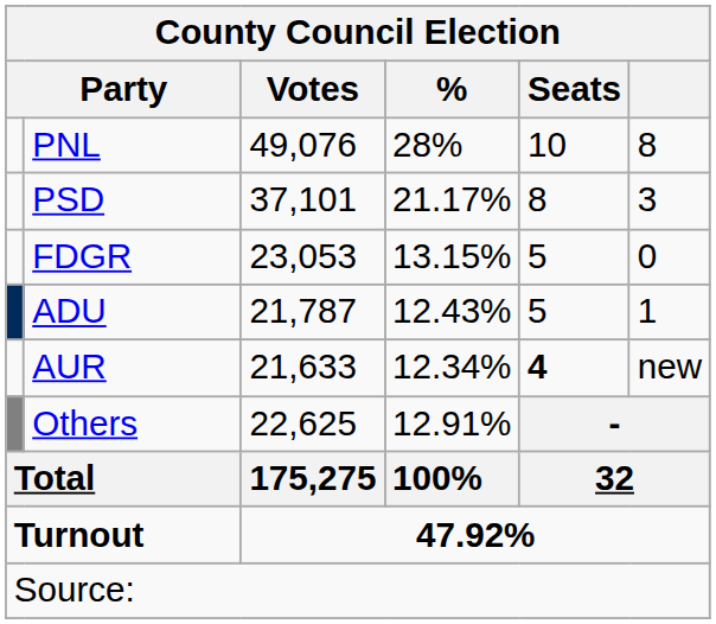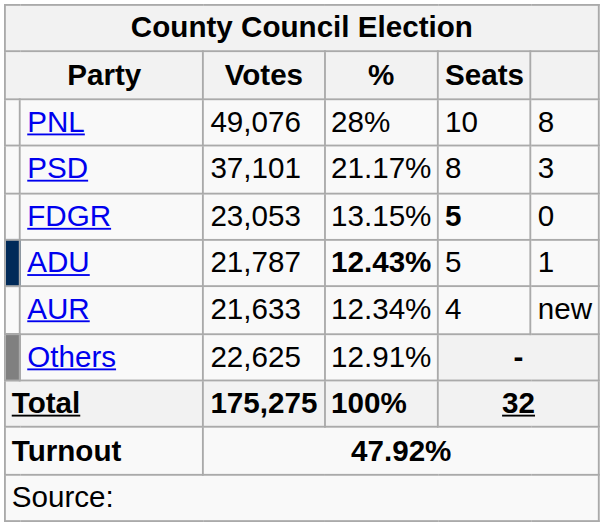 <table class="wikitable" style="text-align:left">
 <tr>
 <th colspan="6">County Council Election</th>
 </tr>
 <tr>
 <th colspan="2" width="100">Party</th>
 <th>Votes</th>
 <th>%</th>
 <th>Seats</th>
 <th></th>
 </tr>
 <tr>
 <td width="1" style="color:inherit;background:"></td>
 <td align="left"><a href='#'>PNL</a> </td>
 <td>49,076</td>
 <td>28%</td>
 <td>10</td>
 <td> 8</td>
 </tr>
 <tr>
 <td style="color:inherit;background:"></td>
 <td align="left"><a href='#'>PSD</a></td>
 <td>37,101</td>
 <td>21.17%</td>
 <td>8</td>
 <td> 3</td>
 </tr>
 <tr>
 <td style="color:inherit;background:"></td>
 <td align="left"><a href='#'>FDGR</a></td>
 <td>23,053</td>
 <td>13.15%</td>
-<td>5</td>
+<td><strong>5</strong></td>
 <td>0</td>
 </tr>
 <tr>
 <td style="background:#002A59;"></td>
 <td align="left"><a href='#'>ADU</a></td>
 <td>21,787</td>
-<td>12.43%</td>
+<td><strong>12.43%</strong></td>
 <td>5</td>
 <td> 1</td>
 </tr>
 <tr>
 <td style="color:inherit;background:"></td>
 <td align="left"><a href='#'>AUR</a></td>
 <td>21,633</td>
 <td>12.34%</td>
-<td><strong>4</strong></td>
+<td>4</td>
 <td>new</td>
 </tr>
 <tr>
 <td style="background-color:Grey "></td>
 <td align="left"><a href='#'>Others</a></td>
 <td>22,625</td>
 <td>12.91%</td>
 <th colspan="2">-</th>
 </tr>
 <tr>
 <th style="text-align: left" colspan="2"><strong><u>Total</u></strong></th>
 <th style="text-align: left">175,275</th>
 <th style="text-align: left">100%</th>
 <th colspan="2"><strong><u>32</u></strong></th>
 </tr>
 <tr>
 <td colspan="2"><strong>Turnout</strong></td>
 <td style="text-align: center" colspan="4"><strong>47.92%</strong></td>
 </tr>
 <tr>
 <td colspan="7">Source: </td>
 </tr>
 </table>
